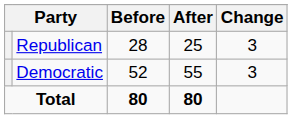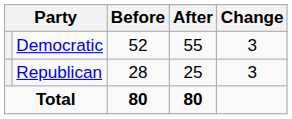 <table class="wikitable" style="text-align:center;">
 <tr>
 </tr>
 <tr>
 <th colspan=2>Party</th>
 <th>Before</th>
 <th>After</th>
 <th>Change</th>
 </tr>
 <tr>
 <th style="background-color:"></th>
-<td style="text-align:left;"><a href='#'>Republican</a></td>
-<td>28</td>
-<td>25</td>
+<td style="text-align:left;"><a href='#'>Democratic</a></td>
+<td>52</td>
+<td>55</td>
 <td> 3</td>
 </tr>
 <tr>
 <th style="background-color:"></th>
-<td style="text-align:left;"><a href='#'>Democratic</a></td>
-<td>52</td>
-<td>55</td>
+<td style="text-align:left;"><a href='#'>Republican</a></td>
+<td>28</td>
+<td>25</td>
 <td> 3</td>
 </tr>
 <tr>
 <td colspan=2><strong>Total</strong></td>
 <td><strong>80</strong></td>
 <td><strong>80</strong></td>
 <td></td>
 </tr>
 </table>
